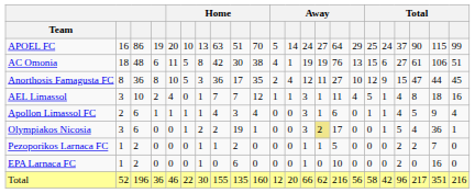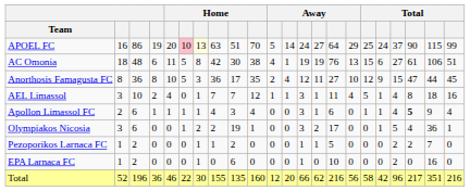 <table class="wikitable sortable" style="margin:1em auto; font-size:90%;">
 <tr>
 <th colspan=4></th>
 <th colspan=6>Home</th>
 <th colspan=6>Away</th>
 <th colspan=6>Total</th>
 </tr>
 <tr>
 <th>Team</th>
 <th></th>
 <th></th>
 <th></th>
 <th></th>
 <th></th>
 <th></th>
 <th></th>
 <th></th>
 <th></th>
 <th></th>
 <th></th>
 <th></th>
 <th></th>
 <th></th>
 <th></th>
 <th></th>
 <th></th>
 <th></th>
 <th></th>
 <th></th>
 <th></th>
 </tr>
 <tr>
 <td><a href='#'>APOEL FC</a></td>
 <td>16</td>
 <td>86</td>
 <td>19</td>
 <td>20</td>
-<td>10</td>
-<td>13</td>
+<td style="background: pink;">10</td>
+<td style="background: lightyellow;">13</td>
 <td>63</td>
 <td>51</td>
 <td>70</td>
 <td>5</td>
 <td>14</td>
 <td>24</td>
 <td>27</td>
 <td>64</td>
 <td>29</td>
 <td>25</td>
 <td>24</td>
 <td>37</td>
 <td>90</td>
 <td>115</td>
 <td>99</td>
 </tr>
 <tr>
 <td><a href='#'>AC Omonia</a></td>
 <td>18</td>
 <td>48</td>
 <td>6</td>
 <td>11</td>
 <td>5</td>
 <td>8</td>
 <td>42</td>
 <td>30</td>
 <td>38</td>
 <td>4</td>
 <td>1</td>
 <td>19</td>
 <td>19</td>
 <td>76</td>
 <td>13</td>
 <td>15</td>
 <td>6</td>
 <td>27</td>
 <td>61</td>
 <td>106</td>
 <td>51</td>
 </tr>
 <tr>
 <td><a href='#'>Anorthosis Famagusta FC</a></td>
 <td>8</td>
 <td>36</td>
 <td>8</td>
 <td>10</td>
 <td>5</td>
 <td>3</td>
 <td>36</td>
 <td>17</td>
 <td>35</td>
 <td>2</td>
 <td>4</td>
 <td>12</td>
 <td>11</td>
 <td>27</td>
 <td>10</td>
 <td>12</td>
 <td>9</td>
 <td>15</td>
 <td>47</td>
 <td>44</td>
 <td>45</td>
 </tr>
 <tr>
 <td><a href='#'>AEL Limassol</a></td>
 <td>3</td>
 <td>10</td>
 <td>2</td>
 <td>4</td>
 <td>0</td>
 <td>1</td>
 <td>7</td>
 <td>7</td>
 <td>12</td>
 <td>1</td>
 <td>1</td>
 <td>3</td>
 <td>1</td>
 <td>11</td>
 <td>4</td>
 <td>5</td>
 <td>1</td>
 <td>4</td>
 <td>8</td>
 <td>18</td>
 <td>16</td>
 </tr>
 <tr>
 <td><a href='#'>Apollon Limassol FC</a></td>
 <td>2</td>
 <td>6</td>
 <td>1</td>
 <td>1</td>
 <td>1</td>
 <td>1</td>
 <td>4</td>
 <td>3</td>
 <td>4</td>
 <td>0</td>
 <td>0</td>
 <td>3</td>
 <td>1</td>
 <td>6</td>
 <td>0</td>
 <td>1</td>
 <td>1</td>
 <td>4</td>
-<td>5</td>
+<td><strong>5</strong></td>
 <td>9</td>
 <td>4</td>
 </tr>
 <tr>
 <td><a href='#'>Olympiakos Nicosia</a></td>
 <td>3</td>
 <td>6</td>
 <td>0</td>
 <td>0</td>
 <td>1</td>
 <td>2</td>
 <td>2</td>
 <td>19</td>
 <td>1</td>
 <td>0</td>
 <td>0</td>
 <td>3</td>
-<td style="background: khaki;">2</td>
+<td>2</td>
 <td>17</td>
 <td>0</td>
 <td>0</td>
 <td>1</td>
 <td>5</td>
 <td>4</td>
 <td>36</td>
 <td>1</td>
 </tr>
 <tr>
 <td><a href='#'>Pezoporikos Larnaca FC</a></td>
 <td>1</td>
 <td>2</td>
 <td>0</td>
 <td>0</td>
 <td>0</td>
 <td>1</td>
 <td>1</td>
 <td>2</td>
 <td>0</td>
 <td>0</td>
 <td>0</td>
 <td>1</td>
 <td>1</td>
 <td>5</td>
 <td>0</td>
 <td>0</td>
 <td>0</td>
 <td>2</td>
 <td>2</td>
 <td>7</td>
 <td>0</td>
 </tr>
 <tr>
 <td><a href='#'>EPA Larnaca FC</a></td>
 <td>1</td>
 <td>2</td>
 <td>0</td>
 <td>0</td>
 <td>0</td>
 <td>1</td>
 <td>0</td>
 <td>6</td>
 <td>0</td>
 <td>0</td>
 <td>0</td>
 <td>1</td>
 <td>0</td>
 <td>10</td>
 <td>0</td>
 <td>0</td>
 <td>0</td>
 <td>2</td>
 <td>0</td>
 <td>16</td>
 <td>0</td>
 </tr>
 <tr style="background:#ff9;">
 <td>Total</td>
 <td>52</td>
 <td>196</td>
 <td>36</td>
 <td>46</td>
 <td>22</td>
 <td>30</td>
 <td>155</td>
 <td>135</td>
 <td>160</td>
 <td>12</td>
 <td>20</td>
 <td>66</td>
 <td>62</td>
 <td>216</td>
 <td>56</td>
 <td>58</td>
 <td>42</td>
 <td>96</td>
 <td>217</td>
 <td>351</td>
 <td>216</td>
 </tr>
 </table>
